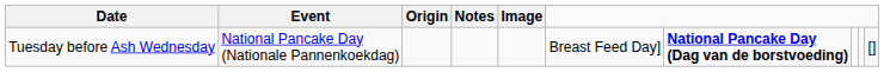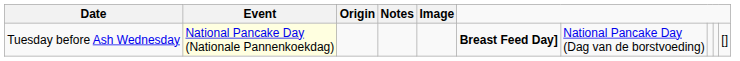 <table class="wikitable sortable">
 <tr>
 <th>Date</th>
 <th>Event</th>
 <th>Origin</th>
 <th>Notes</th>
 <th>Image</th>
 </tr>
 <tr>
 <td>Tuesday before <a href='#'>Ash Wednesday</a></td>
-<td><a href='#'>National Pancake Day</a> <br>(Nationale Pannenkoekdag)</td>
+<td style="background: lightyellow;"><a href='#'>National Pancake Day</a> <br>(Nationale Pannenkoekdag)</td>
 <td></td>
 <td></td>
 <td></td>
-<td>Breast Feed Day]</td>
-<td><strong><a href='#'>National Pancake Day</a> <br>(Dag van de borstvoeding)</strong></td>
+<td><strong>Breast Feed Day]</strong></td>
+<td><a href='#'>National Pancake Day</a> <br>(Dag van de borstvoeding)</td>
 <td></td>
 <td></td>
 <td>[]</td>
 </tr>
 </table>
